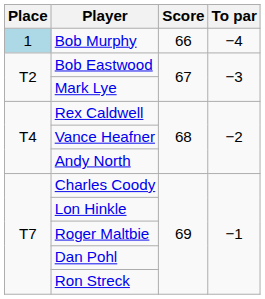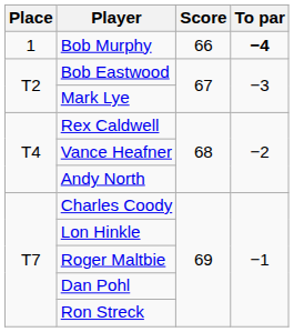 <table class="wikitable">
 <tr>
 <th>Place</th>
 <th>Player</th>
 <th>Score</th>
 <th>To par</th>
 </tr>
 <tr>
-<td align="center" style="background: lightblue;">1</td>
+<td align="center">1</td>
 <td> <a href='#'>Bob Murphy</a></td>
 <td align="center">66</td>
-<td align="center">−4</td>
+<td align="center"><strong>−4</strong></td>
 </tr>
 <tr>
 <td rowspan=2 align="center">T2</td>
 <td> <a href='#'>Bob Eastwood</a></td>
 <td rowspan=2 align="center">67</td>
 <td rowspan=2 align="center">−3</td>
 </tr>
 <tr>
 <td> <a href='#'>Mark Lye</a></td>
 </tr>
 <tr>
 <td rowspan=3 align="center">T4</td>
 <td> <a href='#'>Rex Caldwell</a></td>
 <td rowspan=3 align="center">68</td>
 <td rowspan=3 align="center">−2</td>
 </tr>
 <tr>
 <td> <a href='#'>Vance Heafner</a></td>
 </tr>
 <tr>
 <td> <a href='#'>Andy North</a></td>
 </tr>
 <tr>
 <td rowspan=5 align="center">T7</td>
 <td> <a href='#'>Charles Coody</a></td>
 <td rowspan=5 align="center">69</td>
 <td rowspan=5 align="center">−1</td>
 </tr>
 <tr>
 <td> <a href='#'>Lon Hinkle</a></td>
 </tr>
 <tr>
 <td> <a href='#'>Roger Maltbie</a></td>
 </tr>
 <tr>
 <td> <a href='#'>Dan Pohl</a></td>
 </tr>
 <tr>
 <td> <a href='#'>Ron Streck</a></td>
 </tr>
 </table>
